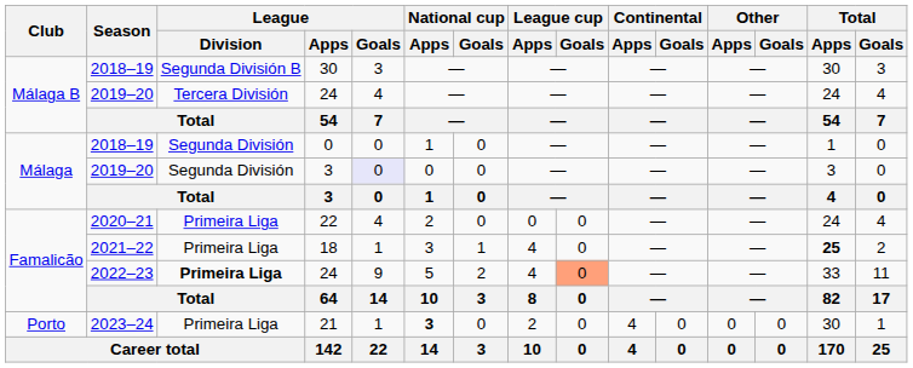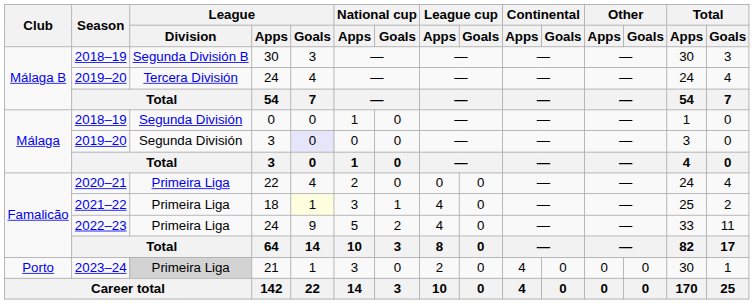 <table class="wikitable" style="text-align: center">
 <tr>
 <th rowspan="2">Club</th>
 <th rowspan="2">Season</th>
 <th colspan="3">League</th>
 <th colspan="2">National cup</th>
 <th colspan="2">League cup</th>
 <th colspan="2">Continental</th>
 <th colspan="2">Other</th>
 <th colspan="2">Total</th>
 </tr>
 <tr>
 <th>Division</th>
 <th>Apps</th>
 <th>Goals</th>
 <th>Apps</th>
 <th>Goals</th>
 <th>Apps</th>
 <th>Goals</th>
 <th>Apps</th>
 <th>Goals</th>
 <th>Apps</th>
 <th>Goals</th>
 <th>Apps</th>
 <th>Goals</th>
 </tr>
 <tr>
 <td rowspan="3"><a href='#'>Málaga B</a></td>
 <td><a href='#'>2018–19</a></td>
 <td><a href='#'>Segunda División B</a></td>
 <td>30</td>
 <td>3</td>
 <td colspan="2">—</td>
 <td colspan="2">—</td>
 <td colspan="2">—</td>
 <td colspan="2">—</td>
 <td>30</td>
 <td>3</td>
 </tr>
 <tr>
 <td><a href='#'>2019–20</a></td>
 <td><a href='#'>Tercera División</a></td>
 <td>24</td>
 <td>4</td>
 <td colspan="2">—</td>
 <td colspan="2">—</td>
 <td colspan="2">—</td>
 <td colspan="2">—</td>
 <td>24</td>
 <td>4</td>
 </tr>
 <tr>
 <th colspan="2">Total</th>
 <th>54</th>
 <th>7</th>
 <th colspan="2">—</th>
 <th colspan="2">—</th>
 <th colspan="2">—</th>
 <th colspan="2">—</th>
 <th>54</th>
 <th>7</th>
 </tr>
 <tr>
 <td rowspan="3"><a href='#'>Málaga</a></td>
 <td><a href='#'>2018–19</a></td>
 <td><a href='#'>Segunda División</a></td>
 <td>0</td>
 <td>0</td>
 <td>1</td>
 <td>0</td>
 <td colspan="2">—</td>
 <td colspan="2">—</td>
 <td colspan="2">—</td>
 <td>1</td>
 <td>0</td>
 </tr>
 <tr>
 <td><a href='#'>2019–20</a></td>
 <td>Segunda División</td>
 <td>3</td>
 <td style="background: lavender;">0</td>
 <td>0</td>
 <td>0</td>
 <td colspan="2">—</td>
 <td colspan="2">—</td>
 <td colspan="2">—</td>
 <td>3</td>
 <td>0</td>
 </tr>
 <tr>
 <th colspan="2">Total</th>
 <th>3</th>
 <th>0</th>
 <th>1</th>
 <th>0</th>
 <th colspan="2">—</th>
 <th colspan="2">—</th>
 <th colspan="2">—</th>
 <th>4</th>
 <th>0</th>
 </tr>
 <tr>
 <td rowspan="4"><a href='#'>Famalicão</a></td>
 <td><a href='#'>2020–21</a></td>
 <td><a href='#'>Primeira Liga</a></td>
 <td>22</td>
 <td>4</td>
 <td>2</td>
 <td>0</td>
 <td>0</td>
 <td>0</td>
 <td colspan="2">—</td>
 <td colspan="2">—</td>
 <td>24</td>
 <td>4</td>
 </tr>
 <tr>
 <td><a href='#'>2021–22</a></td>
 <td>Primeira Liga</td>
 <td>18</td>
-<td>1</td>
+<td style="background: lightyellow;">1</td>
 <td>3</td>
 <td>1</td>
 <td>4</td>
 <td>0</td>
 <td colspan="2">—</td>
 <td colspan="2">—</td>
-<td><strong>25</strong></td>
+<td>25</td>
 <td>2</td>
 </tr>
 <tr>
 <td><a href='#'>2022–23</a></td>
-<td><strong>Primeira Liga</strong></td>
+<td>Primeira Liga</td>
 <td>24</td>
 <td>9</td>
 <td>5</td>
 <td>2</td>
 <td>4</td>
-<td style="background: lightsalmon;">0</td>
+<td>0</td>
 <td colspan="2">—</td>
 <td colspan="2">—</td>
 <td>33</td>
 <td>11</td>
 </tr>
 <tr>
 <th colspan="2">Total</th>
 <th>64</th>
 <th>14</th>
 <th>10</th>
 <th>3</th>
 <th>8</th>
 <th>0</th>
 <th colspan="2">—</th>
 <th colspan="2">—</th>
 <th>82</th>
 <th>17</th>
 </tr>
 <tr>
 <td><a href='#'>Porto</a></td>
 <td><a href='#'>2023–24</a></td>
-<td>Primeira Liga</td>
+<td style="background: lightgrey;">Primeira Liga</td>
 <td>21</td>
 <td>1</td>
-<td><strong>3</strong></td>
+<td>3</td>
 <td>0</td>
 <td>2</td>
 <td>0</td>
 <td>4</td>
 <td>0</td>
 <td>0</td>
 <td>0</td>
 <td>30</td>
 <td>1</td>
 </tr>
 <tr>
 <th colspan="3">Career total</th>
 <th>142</th>
 <th>22</th>
 <th>14</th>
 <th>3</th>
 <th>10</th>
 <th>0</th>
 <th>4</th>
 <th>0</th>
 <th>0</th>
 <th>0</th>
 <th>170</th>
 <th>25</th>
 </tr>
 </table>
